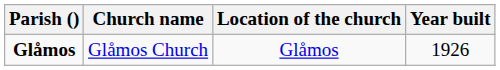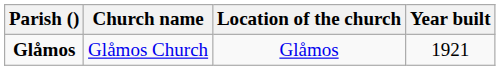 <table class="wikitable" style="text-align:center">
 <tr>
 <th>Parish ()</th>
 <th>Church name</th>
 <th>Location of the church</th>
 <th>Year built</th>
 </tr>
 <tr>
 <td rowspan="1"><strong>Glåmos</strong></td>
 <td><a href='#'>Glåmos Church</a></td>
 <td><a href='#'>Glåmos</a></td>
-<td>1926</td>
+<td>1921</td>
 </tr>
 </table>
